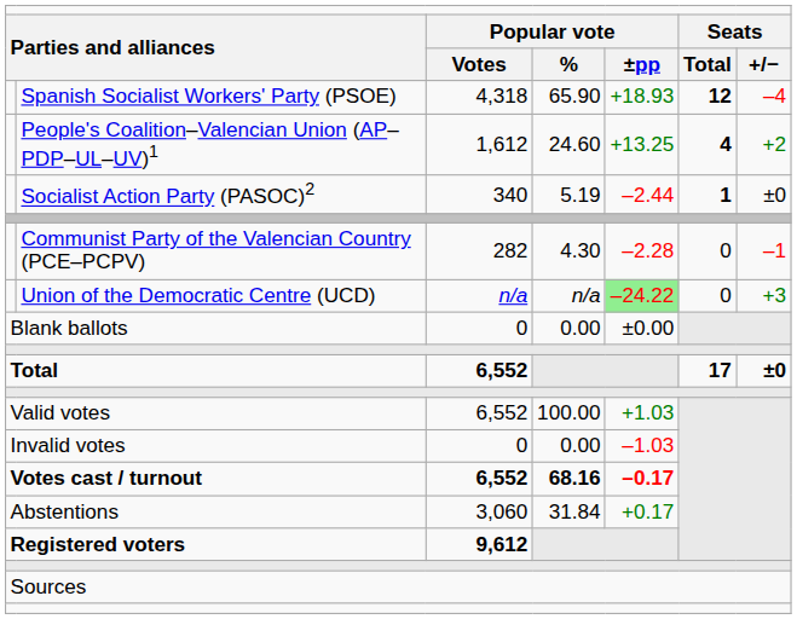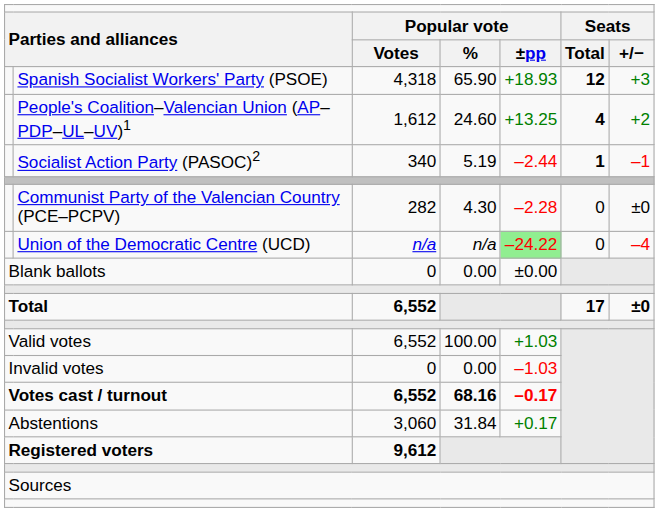 <table class="wikitable" style="text-align:right;">
 <tr>
 <td colspan="7"></td>
 </tr>
 <tr>
 <th style="text-align:left;" rowspan="2" colspan="2" width="525">Parties and alliances</th>
 <th colspan="3">Popular vote</th>
 <th colspan="2">Seats</th>
 </tr>
 <tr>
 <th width="75">Votes</th>
 <th width="45">%</th>
 <th width="45">±<a href='#'>pp</a></th>
 <th width="35">Total</th>
 <th width="35">+/−</th>
 </tr>
 <tr>
 <td width="1" style="color:inherit;background:"></td>
 <td align="left"><a href='#'>Spanish Socialist Workers' Party</a> (PSOE)</td>
 <td>4,318</td>
 <td>65.90</td>
 <td style="color:green;">+18.93</td>
 <td><strong>12</strong></td>
-<td style="color:red;">–4</td>
+<td style="color:green;">+3</td>
 </tr>
 <tr>
 <td style="color:inherit;background:"></td>
 <td align="left"><a href='#'>People's Coalition</a>–<a href='#'>Valencian Union</a> (<a href='#'>AP</a>–<a href='#'>PDP</a>–<a href='#'>UL</a>–<a href='#'>UV</a>)<sup>1</sup></td>
 <td>1,612</td>
 <td>24.60</td>
 <td style="color:green;">+13.25</td>
 <td><strong>4</strong></td>
 <td style="color:green;">+2</td>
 </tr>
 <tr>
 <td style="color:inherit;background:"></td>
 <td align="left"><a href='#'>Socialist Action Party</a> (PASOC)<sup>2</sup></td>
 <td>340</td>
 <td>5.19</td>
 <td style="color:red;">–2.44</td>
 <td><strong>1</strong></td>
-<td>±0</td>
+<td style="color:red;">–1</td>
 </tr>
 <tr>
 <td colspan="7" bgcolor="#C0C0C0"></td>
 </tr>
 <tr>
 <td style="color:inherit;background:"></td>
 <td align="left"><a href='#'>Communist Party of the Valencian Country</a> (PCE–PCPV)</td>
 <td>282</td>
 <td>4.30</td>
 <td style="color:red;">–2.28</td>
 <td>0</td>
-<td style="color:red;">–1</td>
+<td>±0</td>
 </tr>
 <tr>
 <td style="color:inherit;background:"></td>
 <td align="left"><a href='#'>Union of the Democratic Centre</a> (UCD)</td>
 <td><em><a href='#'>n/a</a></em></td>
 <td><em>n/a</em></td>
 <td style="background: lightgreen; color:red;">–24.22</td>
 <td>0</td>
-<td style="color:green;">+3</td>
+<td style="color:red;">–4</td>
 </tr>
 <tr>
 <td align="left" colspan="2">Blank ballots</td>
 <td>0</td>
 <td>0.00</td>
 <td>±0.00</td>
 <td bgcolor="#E9E9E9" colspan="2"></td>
 </tr>
 <tr>
 <td colspan="7" bgcolor="#E9E9E9"></td>
 </tr>
 <tr style="font-weight:bold;">
 <td align="left" colspan="2">Total</td>
 <td>6,552</td>
 <td bgcolor="#E9E9E9" colspan="2"></td>
 <td>17</td>
 <td>±0</td>
 </tr>
 <tr>
 <td colspan="7" bgcolor="#E9E9E9"></td>
 </tr>
 <tr>
 <td align="left" colspan="2">Valid votes</td>
 <td>6,552</td>
 <td>100.00</td>
 <td style="color:green;">+1.03</td>
 <td bgcolor="#E9E9E9" colspan="2" rowspan="5"></td>
 </tr>
 <tr>
 <td align="left" colspan="2">Invalid votes</td>
 <td>0</td>
 <td>0.00</td>
 <td style="color:red;">–1.03</td>
 </tr>
 <tr style="font-weight:bold;">
 <td align="left" colspan="2">Votes cast / turnout</td>
 <td>6,552</td>
 <td>68.16</td>
 <td style="color:red;">–0.17</td>
 </tr>
 <tr>
 <td align="left" colspan="2">Abstentions</td>
 <td>3,060</td>
 <td>31.84</td>
 <td style="color:green;">+0.17</td>
 </tr>
 <tr style="font-weight:bold;">
 <td align="left" colspan="2">Registered voters</td>
 <td>9,612</td>
 <td bgcolor="#E9E9E9" colspan="2"></td>
 </tr>
 <tr>
 <td colspan="7" bgcolor="#E9E9E9"></td>
 </tr>
 <tr>
 <td align="left" colspan="7">Sources</td>
 </tr>
 <tr>
 <td colspan="7" style="text-align:left; max-width:790px;"></td>
 </tr>
 </table>
